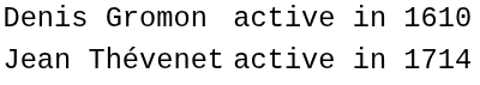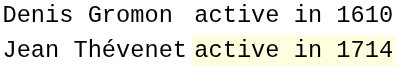 <table>
 <tr>
 <td>Denis Gromon</td>
 <td>active in 1610</td>
 </tr>
 <tr>
 <td>Jean Thévenet</td>
-<td>active in 1714</td>
+<td style="background: lightyellow;">active in 1714</td>
 </tr>
 </table>
